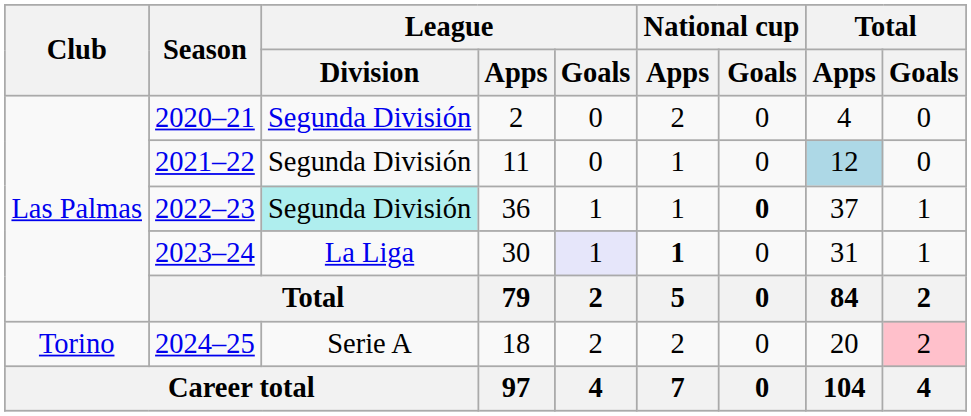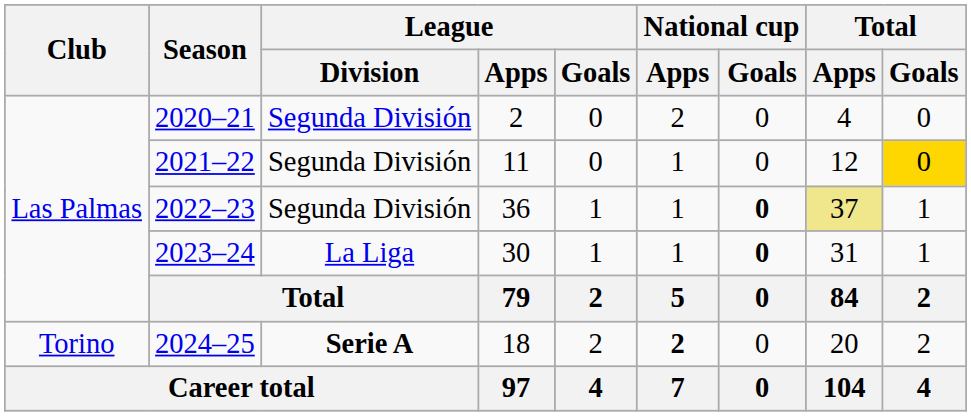 <table class="wikitable" style="text-align: center">
 <tr>
 <th rowspan="2">Club</th>
 <th rowspan="2">Season</th>
 <th colspan="3">League</th>
 <th colspan="2">National cup</th>
 <th colspan="2">Total</th>
 </tr>
 <tr>
 <th>Division</th>
 <th>Apps</th>
 <th>Goals</th>
 <th>Apps</th>
 <th>Goals</th>
 <th>Apps</th>
 <th>Goals</th>
 </tr>
 <tr>
 <td rowspan="5"><a href='#'>Las Palmas</a></td>
 <td><a href='#'>2020–21</a></td>
 <td><a href='#'>Segunda División</a></td>
 <td>2</td>
 <td>0</td>
 <td>2</td>
 <td>0</td>
 <td>4</td>
 <td>0</td>
 </tr>
 <tr>
 <td><a href='#'>2021–22</a></td>
 <td>Segunda División</td>
 <td>11</td>
 <td>0</td>
 <td>1</td>
 <td>0</td>
-<td style="background: lightblue;">12</td>
-<td>0</td>
+<td>12</td>
+<td style="background: gold;">0</td>
 </tr>
 <tr>
 <td><a href='#'>2022–23</a></td>
-<td style="background: paleturquoise;">Segunda División</td>
+<td>Segunda División</td>
 <td>36</td>
 <td>1</td>
 <td>1</td>
 <td><strong>0</strong></td>
-<td>37</td>
+<td style="background: khaki;">37</td>
 <td>1</td>
 </tr>
 <tr>
 <td><a href='#'>2023–24</a></td>
 <td><a href='#'>La Liga</a></td>
 <td>30</td>
-<td style="background: lavender;">1</td>
-<td><strong>1</strong></td>
-<td>0</td>
+<td>1</td>
+<td>1</td>
+<td><strong>0</strong></td>
 <td>31</td>
 <td>1</td>
 </tr>
 <tr>
 <th colspan="2">Total</th>
 <th>79</th>
 <th>2</th>
 <th>5</th>
 <th>0</th>
 <th>84</th>
 <th>2</th>
 </tr>
 <tr>
 <td><a href='#'>Torino</a></td>
 <td><a href='#'>2024–25</a></td>
-<td>Serie A</td>
+<td><strong>Serie A</strong></td>
 <td>18</td>
 <td>2</td>
-<td>2</td>
+<td><strong>2</strong></td>
 <td>0</td>
 <td>20</td>
-<td style="background: pink;">2</td>
+<td>2</td>
 </tr>
 <tr>
 <th colspan="3">Career total</th>
 <th>97</th>
 <th>4</th>
 <th>7</th>
 <th>0</th>
 <th>104</th>
 <th>4</th>
 </tr>
 </table>
